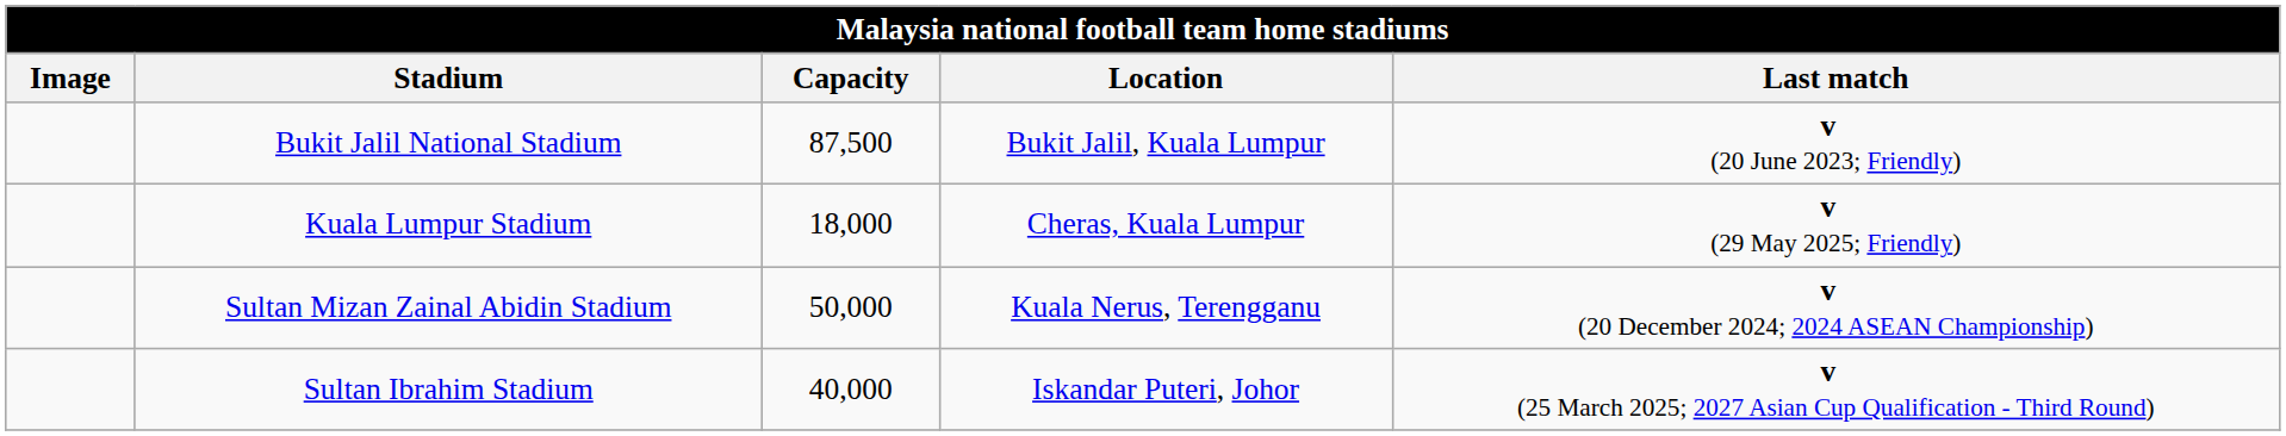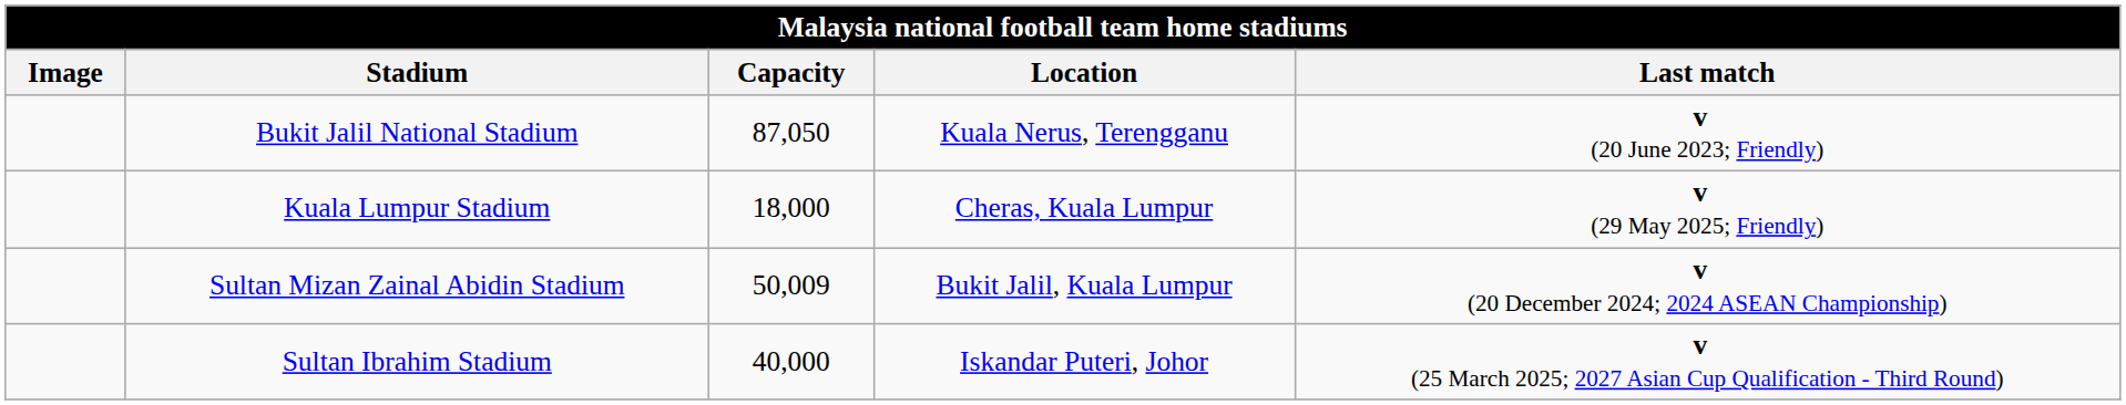 <table class="wikitable" width=95% style="text-align:center;font-size:100%;">
 <tr>
 <th colspan=5 style="background: #000000; color: #FFFFFF;">Malaysia national football team home stadiums</th>
 </tr>
 <tr>
 <th>Image</th>
 <th>Stadium</th>
 <th>Capacity</th>
 <th>Location</th>
 <th>Last match</th>
 </tr>
 <tr>
 <td></td>
 <td><a href='#'>Bukit Jalil National Stadium</a></td>
-<td>87,500</td>
-<td><a href='#'>Bukit Jalil</a>, <a href='#'>Kuala Lumpur</a></td>
+<td>87,050</td>
+<td><a href='#'>Kuala Nerus</a>, <a href='#'>Terengganu</a></td>
 <td><strong>v</strong>  <br><small>(20 June 2023; <a href='#'>Friendly</a>)</small></td>
 </tr>
 <tr>
 <td></td>
 <td><a href='#'>Kuala Lumpur Stadium</a></td>
 <td>18,000</td>
 <td><a href='#'>Cheras, Kuala Lumpur</a></td>
 <td><strong>v</strong>  <br><small>(29 May 2025; <a href='#'>Friendly</a>)</small></td>
 </tr>
 <tr>
 <td></td>
 <td><a href='#'>Sultan Mizan Zainal Abidin Stadium</a></td>
-<td>50,000</td>
-<td><a href='#'>Kuala Nerus</a>, <a href='#'>Terengganu</a></td>
+<td>50,009</td>
+<td><a href='#'>Bukit Jalil</a>, <a href='#'>Kuala Lumpur</a></td>
 <td><strong>v</strong>  <br><small>(20 December 2024; <a href='#'>2024 ASEAN Championship</a>)</small></td>
 </tr>
 <tr>
 <td></td>
 <td><a href='#'>Sultan Ibrahim Stadium</a></td>
 <td>40,000</td>
 <td><a href='#'>Iskandar Puteri</a>, <a href='#'>Johor</a></td>
 <td><strong>v</strong>  <br><small>(25 March 2025; <a href='#'>2027 Asian Cup Qualification - Third Round</a>)</small></td>
 </tr>
 </table>
